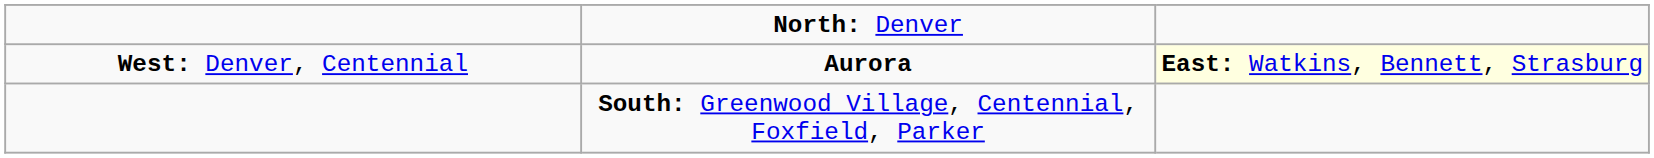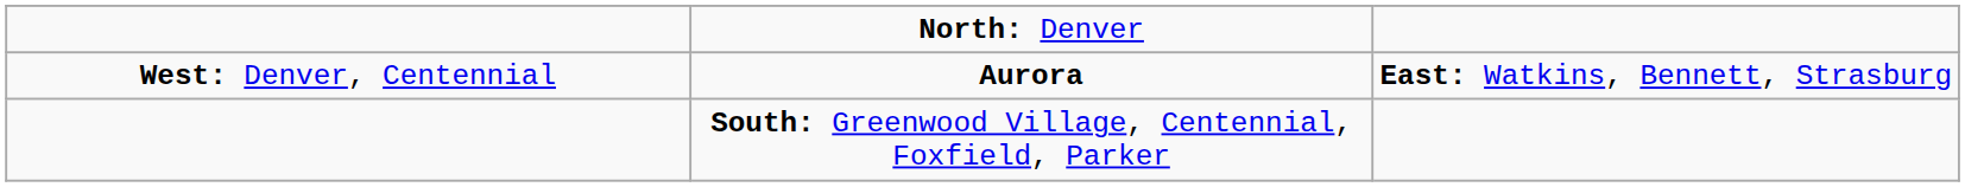 <table class="wikitable" style="margin:auto;">
 <tr>
 <td style="width:35%; text-align:center;"></td>
 <td style="width:30%; text-align:center;"><strong>North:</strong> <a href='#'>Denver</a></td>
 <td style="width:35%; text-align:center;"></td>
 </tr>
 <tr>
 <td style="width:10%; text-align:center;"><strong>West:</strong> <a href='#'>Denver</a>, <a href='#'>Centennial</a></td>
 <td style="width:35%; text-align:center;"><strong>Aurora</strong></td>
-<td style="background: lightyellow; width:30%; text-align:center;"><strong>East:</strong> <a href='#'>Watkins</a>, <a href='#'>Bennett</a>, <a href='#'>Strasburg</a></td>
+<td style="width:30%; text-align:center;"><strong>East:</strong> <a href='#'>Watkins</a>, <a href='#'>Bennett</a>, <a href='#'>Strasburg</a></td>
 </tr>
 <tr>
 <td style="width:35%; text-align:center;"></td>
 <td style="width:30%; text-align:center;"><strong>South:</strong> <a href='#'>Greenwood Village</a>, <a href='#'>Centennial</a>,<br><a href='#'>Foxfield</a>, <a href='#'>Parker</a></td>
 <td style="width:35%; text-align:center;"></td>
 </tr>
 </table>
